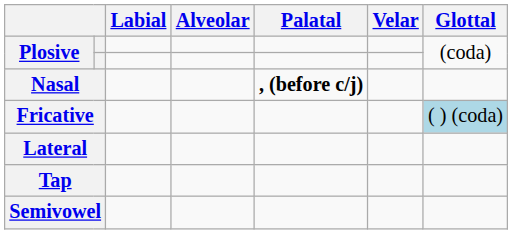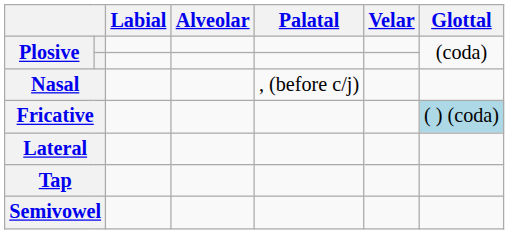 <table class="wikitable" style="text-align:center;">
 <tr>
 <th colspan=2></th>
 <th><a href='#'>Labial</a></th>
 <th><a href='#'>Alveolar</a></th>
 <th><a href='#'>Palatal</a></th>
 <th><a href='#'>Velar</a></th>
 <th><a href='#'>Glottal</a></th>
 </tr>
 <tr>
 <th rowspan=2><a href='#'>Plosive</a></th>
 <th></th>
 <td> </td>
 <td> </td>
 <td> </td>
 <td> </td>
 <td rowspan=2>  (coda)</td>
 </tr>
 <tr>
 <th></th>
 <td> </td>
 <td> </td>
 <td> </td>
 <td> </td>
 </tr>
 <tr>
 <th colspan=2><a href='#'>Nasal</a></th>
 <td> </td>
 <td> </td>
-<td><strong> ,  (before c/j)</strong></td>
+<td> ,  (before c/j)</td>
 <td> </td>
 <td></td>
 </tr>
 <tr>
 <th colspan=2><a href='#'>Fricative</a></th>
 <td></td>
 <td> </td>
 <td> </td>
 <td></td>
 <td style="background: lightblue;">( ) (coda)</td>
 </tr>
 <tr>
 <th colspan=2><a href='#'>Lateral</a></th>
 <td></td>
 <td> </td>
 <td></td>
 <td></td>
 <td></td>
 </tr>
 <tr>
 <th colspan=2><a href='#'>Tap</a></th>
 <td></td>
 <td> </td>
 <td></td>
 <td></td>
 <td></td>
 </tr>
 <tr>
 <th colspan=2><a href='#'>Semivowel</a></th>
 <td></td>
 <td></td>
 <td> </td>
 <td> </td>
 <td></td>
 </tr>
 </table>
